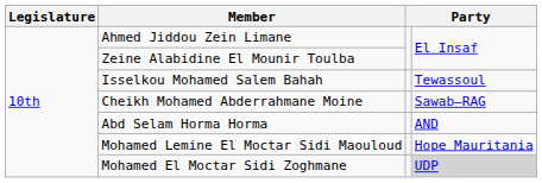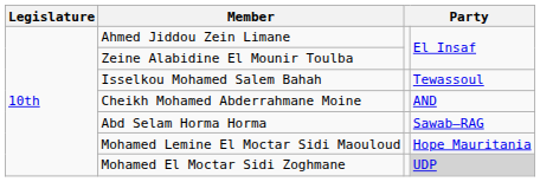 <table class="wikitable">
 <tr>
 <th>Legislature</th>
 <th>Member</th>
 <th colspan=2>Party</th>
 </tr>
 <tr>
 <td rowspan=7><a href='#'>10th</a></td>
 <td>Ahmed Jiddou Zein Limane</td>
 <td rowspan=2 style="color:inherit;background:"></td>
 <td rowspan=2><a href='#'>El Insaf</a></td>
 </tr>
 <tr>
 <td>Zeine Alabidine El Mounir Toulba</td>
 </tr>
 <tr>
 <td>Isselkou Mohamed Salem Bahah</td>
 <td style="color:inherit;background:"></td>
 <td><a href='#'>Tewassoul</a></td>
 </tr>
 <tr>
 <td>Cheikh Mohamed Abderrahmane Moine</td>
 <td style="color:inherit;background:"></td>
-<td><a href='#'>Sawab–RAG</a></td>
+<td><a href='#'>AND</a></td>
 </tr>
 <tr>
 <td>Abd Selam Horma Horma</td>
 <td style="color:inherit;background:"></td>
-<td><a href='#'>AND</a></td>
+<td><a href='#'>Sawab–RAG</a></td>
 </tr>
 <tr>
 <td>Mohamed Lemine El Moctar Sidi Maouloud</td>
 <td style="color:inherit;background:"></td>
 <td><a href='#'>Hope Mauritania</a></td>
 </tr>
 <tr>
 <td>Mohamed El Moctar Sidi Zoghmane</td>
 <td style="color:inherit;background:"></td>
 <td style="background: lightgrey;"><a href='#'>UDP</a></td>
 </tr>
 </table>
